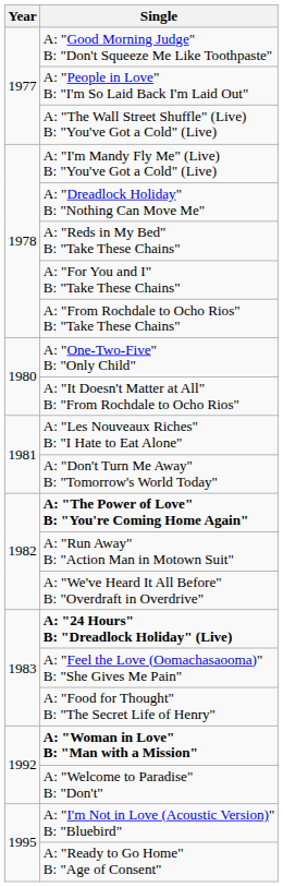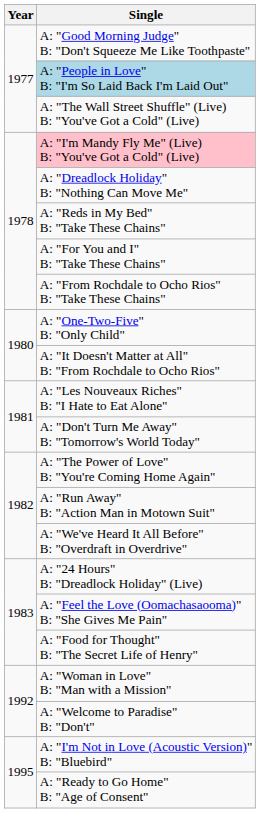 <table class="wikitable">
 <tr>
 <th>Year</th>
 <th>Single</th>
 </tr>
 <tr>
 <td rowspan="3">1977</td>
 <td>A: "<a href='#'>Good Morning Judge</a>"<br>B: "Don't Squeeze Me Like Toothpaste"</td>
 </tr>
 <tr>
-<td>A: "<a href='#'>People in Love</a>"<br>B: "I'm So Laid Back I'm Laid Out"</td>
+<td style="background: lightblue;">A: "<a href='#'>People in Love</a>"<br>B: "I'm So Laid Back I'm Laid Out"</td>
 </tr>
 <tr>
 <td>A: "The Wall Street Shuffle" (Live)<br>B: "You've Got a Cold" (Live)</td>
 </tr>
 <tr>
 <td rowspan="5">1978</td>
-<td>A: "I'm Mandy Fly Me" (Live)<br>B: "You've Got a Cold" (Live)</td>
+<td style="background: pink;">A: "I'm Mandy Fly Me" (Live)<br>B: "You've Got a Cold" (Live)</td>
 </tr>
 <tr>
 <td>A: "<a href='#'>Dreadlock Holiday</a>"<br>B: "Nothing Can Move Me"</td>
 </tr>
 <tr>
 <td>A: "Reds in My Bed"<br>B: "Take These Chains"</td>
 </tr>
 <tr>
 <td>A: "For You and I"<br>B: "Take These Chains"</td>
 </tr>
 <tr>
 <td>A: "From Rochdale to Ocho Rios"<br>B: "Take These Chains"</td>
 </tr>
 <tr>
 <td rowspan="2">1980</td>
 <td>A: "<a href='#'>One-Two-Five</a>"<br>B: "Only Child"</td>
 </tr>
 <tr>
 <td>A: "It Doesn't Matter at All"<br>B: "From Rochdale to Ocho Rios"</td>
 </tr>
 <tr>
 <td rowspan="2">1981</td>
 <td>A: "Les Nouveaux Riches"<br>B: "I Hate to Eat Alone"</td>
 </tr>
 <tr>
 <td>A: "Don't Turn Me Away"<br>B: "Tomorrow's World Today"</td>
 </tr>
 <tr>
 <td rowspan="3">1982</td>
-<td><strong>A: "The Power of Love"<br>B: "You're Coming Home Again"</strong></td>
+<td>A: "The Power of Love"<br>B: "You're Coming Home Again"</td>
 </tr>
 <tr>
 <td>A: "Run Away"<br>B: "Action Man in Motown Suit"</td>
 </tr>
 <tr>
 <td>A: "We've Heard It All Before"<br>B: "Overdraft in Overdrive"</td>
 </tr>
 <tr>
 <td rowspan="3">1983</td>
-<td><strong>A: "24 Hours"<br>B: "Dreadlock Holiday" (Live)</strong></td>
+<td>A: "24 Hours"<br>B: "Dreadlock Holiday" (Live)</td>
 </tr>
 <tr>
 <td>A: "<a href='#'>Feel the Love (Oomachasaooma)</a>"<br>B: "She Gives Me Pain"</td>
 </tr>
 <tr>
 <td>A: "Food for Thought"<br>B: "The Secret Life of Henry"</td>
 </tr>
 <tr>
 <td rowspan="2">1992</td>
-<td><strong>A: "Woman in Love"<br>B: "Man with a Mission"</strong></td>
+<td>A: "Woman in Love"<br>B: "Man with a Mission"</td>
 </tr>
 <tr>
 <td>A: "Welcome to Paradise"<br>B: "Don't"</td>
 </tr>
 <tr>
 <td rowspan="2">1995</td>
 <td>A: "<a href='#'>I'm Not in Love (Acoustic Version)</a>"<br>B: "Bluebird"</td>
 </tr>
 <tr>
 <td>A: "Ready to Go Home"<br>B: "Age of Consent"</td>
 </tr>
 </table>
